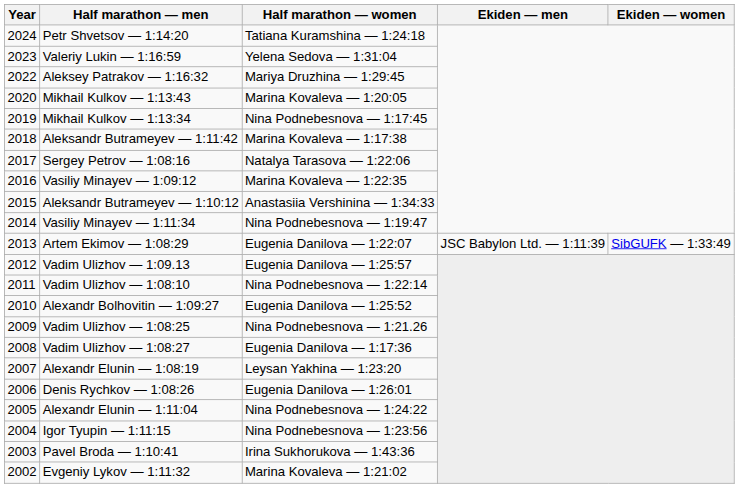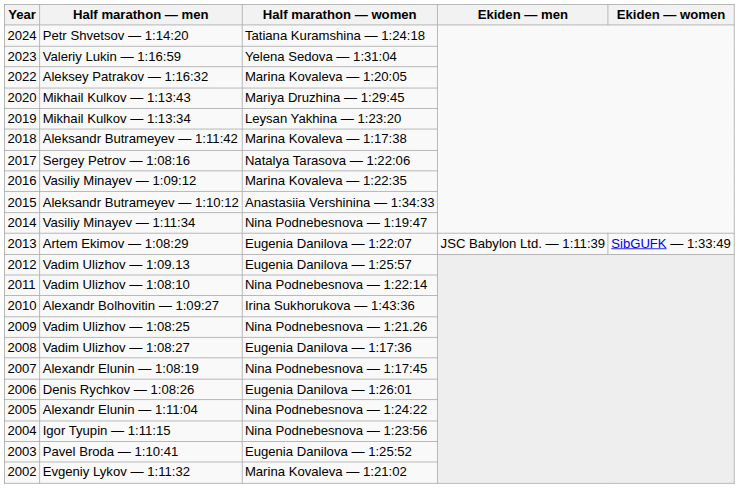 <table class="wikitable">
 <tr>
 <th>Year</th>
 <th>Half marathon — men</th>
 <th>Half marathon — women</th>
 <th>Ekiden — men</th>
 <th>Ekiden — women</th>
 </tr>
 <tr>
 <td>2024</td>
 <td> Petr Shvetsov — 1:14:20</td>
 <td> Tatiana Kuramshina — 1:24:18</td>
 </tr>
 <tr>
 <td>2023</td>
 <td> Valeriy Lukin — 1:16:59</td>
 <td> Yelena Sedova — 1:31:04</td>
 </tr>
 <tr>
 <td>2022</td>
 <td> Aleksey Patrakov — 1:16:32</td>
-<td> Mariya Druzhina — 1:29:45</td>
+<td> Marina Kovaleva — 1:20:05</td>
 </tr>
 <tr>
 <td>2020</td>
 <td> Mikhail Kulkov — 1:13:43</td>
-<td> Marina Kovaleva — 1:20:05</td>
+<td> Mariya Druzhina — 1:29:45</td>
 </tr>
 <tr>
 <td>2019</td>
 <td> Mikhail Kulkov — 1:13:34</td>
-<td> Nina Podnebesnova — 1:17:45</td>
+<td> Leysan Yakhina — 1:23:20</td>
 </tr>
 <tr>
 <td>2018</td>
 <td> Aleksandr Butrameyev — 1:11:42</td>
 <td> Marina Kovaleva — 1:17:38</td>
 </tr>
 <tr>
 <td>2017</td>
 <td> Sergey Petrov — 1:08:16</td>
 <td> Natalya Tarasova — 1:22:06</td>
 </tr>
 <tr>
 <td>2016</td>
 <td> Vasiliy Minayev — 1:09:12</td>
 <td> Marina Kovaleva — 1:22:35</td>
 </tr>
 <tr>
 <td>2015</td>
 <td> Aleksandr Butrameyev — 1:10:12</td>
 <td> Anastasiia Vershinina — 1:34:33</td>
 </tr>
 <tr>
 <td>2014</td>
 <td> Vasiliy Minayev — 1:11:34</td>
 <td> Nina Podnebesnova — 1:19:47</td>
 </tr>
 <tr>
 <td>2013</td>
 <td> Artem Ekimov — 1:08:29</td>
 <td> Eugenia Danilova — 1:22:07</td>
 <td> JSC Babylon Ltd. — 1:11:39</td>
 <td> <a href='#'>SibGUFK</a> — 1:33:49</td>
 </tr>
 <tr>
 <td>2012</td>
 <td> Vadim Ulizhov — 1:09.13</td>
 <td> Eugenia Danilova — 1:25:57</td>
 <td rowspan="11" colspan="2" bgcolor="#eeeeee"></td>
 </tr>
 <tr>
 <td>2011</td>
 <td> Vadim Ulizhov — 1:08:10</td>
 <td> Nina Podnebesnova — 1:22:14</td>
 </tr>
 <tr>
 <td>2010</td>
 <td> Alexandr Bolhovitin — 1:09:27</td>
-<td> Eugenia Danilova — 1:25:52</td>
+<td> Irina Sukhorukova — 1:43:36</td>
 </tr>
 <tr>
 <td>2009</td>
 <td> Vadim Ulizhov — 1:08:25</td>
 <td> Nina Podnebesnova — 1:21.26</td>
 </tr>
 <tr>
 <td>2008</td>
 <td> Vadim Ulizhov — 1:08:27</td>
 <td> Eugenia Danilova — 1:17:36</td>
 </tr>
 <tr>
 <td>2007</td>
 <td> Alexandr Elunin — 1:08:19</td>
-<td> Leysan Yakhina — 1:23:20</td>
+<td> Nina Podnebesnova — 1:17:45</td>
 </tr>
 <tr>
 <td>2006</td>
 <td> Denis Rychkov — 1:08:26</td>
 <td> Eugenia Danilova — 1:26:01</td>
 </tr>
 <tr>
 <td>2005</td>
 <td> Alexandr Elunin — 1:11:04</td>
 <td> Nina Podnebesnova — 1:24:22</td>
 </tr>
 <tr>
 <td>2004</td>
 <td> Igor Tyupin — 1:11:15</td>
 <td> Nina Podnebesnova — 1:23:56</td>
 </tr>
 <tr>
 <td>2003</td>
 <td> Pavel Broda — 1:10:41</td>
-<td> Irina Sukhorukova — 1:43:36</td>
+<td> Eugenia Danilova — 1:25:52</td>
 </tr>
 <tr>
 <td>2002</td>
 <td> Evgeniy Lykov — 1:11:32</td>
 <td> Marina Kovaleva — 1:21:02</td>
 </tr>
 </table>
